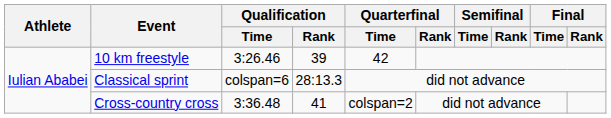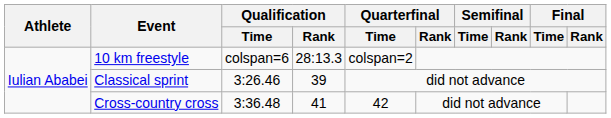 <table class="wikitable" style="font-size:90%">
 <tr>
 <th rowspan="2">Athlete</th>
 <th rowspan="2">Event</th>
 <th colspan="2">Qualification</th>
 <th colspan="2">Quarterfinal</th>
 <th colspan="2">Semifinal</th>
 <th colspan="2">Final</th>
 </tr>
 <tr style="font-size:95%">
 <th>Time</th>
 <th>Rank</th>
 <th>Time</th>
 <th>Rank</th>
 <th>Time</th>
 <th>Rank</th>
 <th>Time</th>
 <th>Rank</th>
 </tr>
 <tr align=center>
 <td align=left rowspan=3><a href='#'>Iulian Ababei</a></td>
 <td align=left><a href='#'>10 km freestyle</a></td>
-<td>3:26.46</td>
-<td>39</td>
-<td>42</td>
+<td>colspan=6 </td>
+<td>28:13.3</td>
+<td>colspan=2 </td>
 </tr>
 <tr align=center>
 <td align=left><a href='#'>Classical sprint</a></td>
-<td>colspan=6 </td>
-<td>28:13.3</td>
+<td>3:26.46</td>
+<td>39</td>
 <td colspan=6>did not advance</td>
 </tr>
 <tr align=center>
 <td align=left><a href='#'>Cross-country cross</a></td>
 <td>3:36.48</td>
 <td>41</td>
-<td>colspan=2 </td>
+<td>42</td>
 <td colspan=4>did not advance</td>
 </tr>
 </table>
